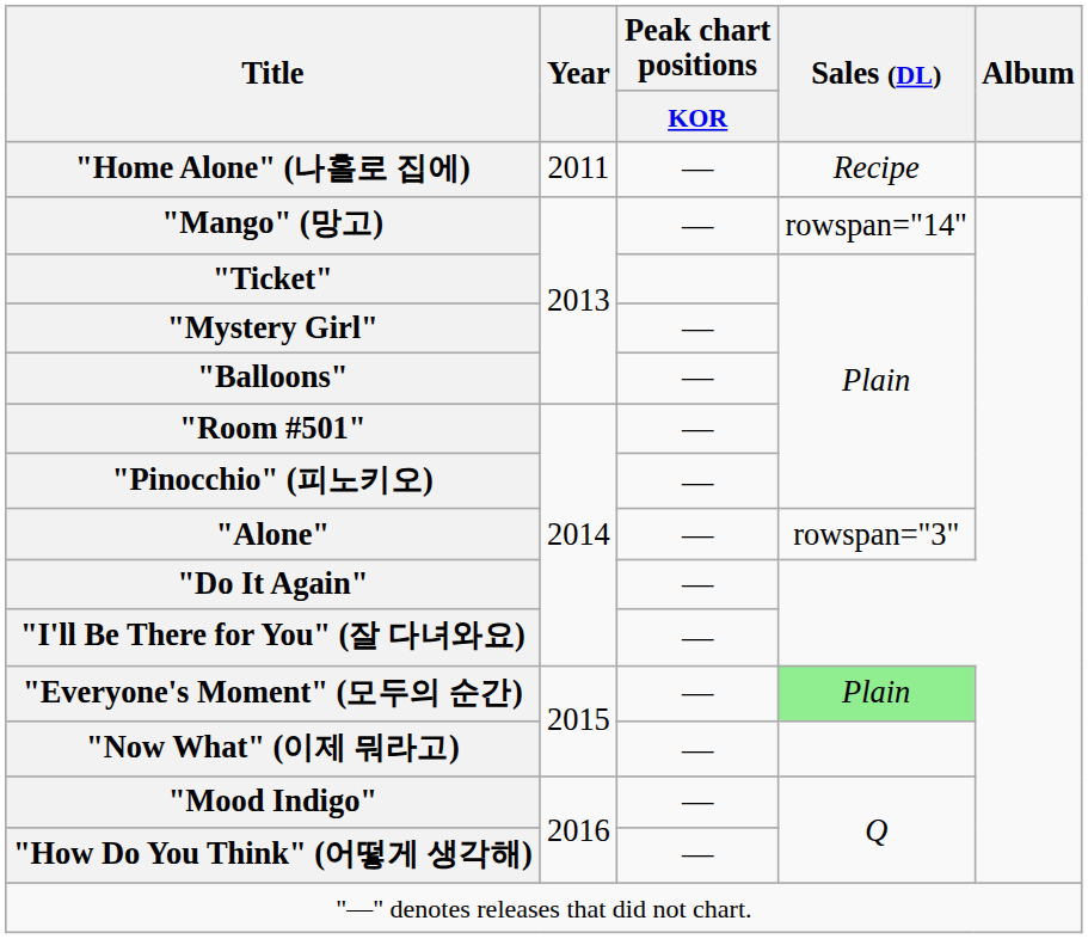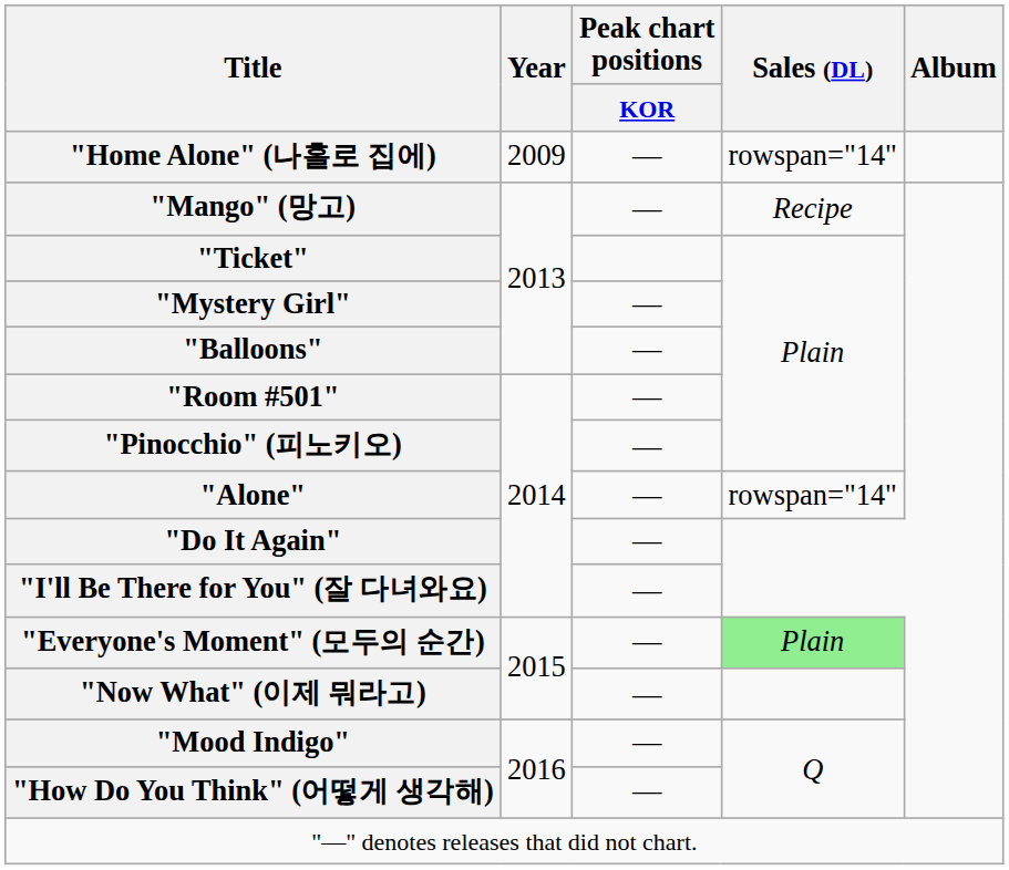 <table class="wikitable plainrowheaders" style="text-align:center;">
 <tr>
 <th scope="col" rowspan="2">Title</th>
 <th scope="col" rowspan="2">Year</th>
 <th scope="col" colspan="1">Peak chart <br> positions</th>
 <th scope="col" rowspan="2">Sales <small>(<a href='#'>DL</a>)</small></th>
 <th scope="col" rowspan="2">Album</th>
 </tr>
 <tr>
 <th><small><a href='#'>KOR</a></small><br></th>
 </tr>
 <tr>
 <th scope="row">"Home Alone" (나홀로 집에)</th>
-<td>2011</td>
+<td>2009</td>
 <td>—</td>
-<td><em>Recipe</em></td>
+<td>rowspan="14" </td>
 <td></td>
 </tr>
 <tr>
 <th scope="row">"Mango" (망고)</th>
 <td rowspan="4">2013</td>
 <td>—</td>
-<td>rowspan="14" </td>
+<td><em>Recipe</em></td>
 </tr>
 <tr>
 <th scope="row">"Ticket"</th>
 <td></td>
 <td rowspan="5"><em>Plain</em></td>
 </tr>
 <tr>
 <th scope="row">"Mystery Girl"</th>
 <td>—</td>
 </tr>
 <tr>
 <th scope="row">"Balloons"</th>
 <td>—</td>
 </tr>
 <tr>
 <th scope="row">"Room #501"</th>
 <td rowspan="5">2014</td>
 <td>—</td>
 </tr>
 <tr>
 <th scope="row">"Pinocchio" (피노키오)</th>
 <td>—</td>
 </tr>
 <tr>
 <th scope="row">"Alone"</th>
 <td>—</td>
-<td>rowspan="3" </td>
+<td>rowspan="14" </td>
 </tr>
 <tr>
 <th scope="row">"Do It Again"</th>
 <td>—</td>
 </tr>
 <tr>
 <th scope="row">"I'll Be There for You" (잘 다녀와요)</th>
 <td>—</td>
 </tr>
 <tr>
 <th scope="row">"Everyone's Moment" (모두의 순간)</th>
 <td rowspan="2">2015</td>
 <td>—</td>
 <td style="background: lightgreen;"><em>Plain</em></td>
 </tr>
 <tr>
 <th scope="row">"Now What" (이제 뭐라고)</th>
 <td>—</td>
 <td></td>
 </tr>
 <tr>
 <th scope="row">"Mood Indigo"</th>
 <td rowspan="2">2016</td>
 <td>—</td>
 <td rowspan="2"><em>Q</em></td>
 </tr>
 <tr>
 <th scope="row">"How Do You Think" (어떻게 생각해)</th>
 <td>—</td>
 </tr>
 <tr>
 <td colspan="5" align="center"><small>"—" denotes releases that did not chart.</small></td>
 </tr>
 </table>
